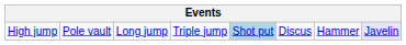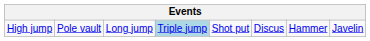 <table class="wikitable" style="margin: 1em auto 1em auto">
 <tr>
 <th colspan=11>Events</th>
 </tr>
 <tr>
 <td><a href='#'>High jump</a></td>
 <td><a href='#'>Pole vault</a></td>
 <td><a href='#'>Long jump</a></td>
-<td><a href='#'>Triple jump</a></td>
-<td style="background: lightblue;"><a href='#'>Shot put</a></td>
+<td style="background: lightblue;"><a href='#'>Triple jump</a></td>
+<td><a href='#'>Shot put</a></td>
 <td><a href='#'>Discus</a></td>
 <td><a href='#'>Hammer</a></td>
-<td style="background: lavender;"><a href='#'>Javelin</a></td>
+<td><a href='#'>Javelin</a></td>
 </tr>
 </table>
